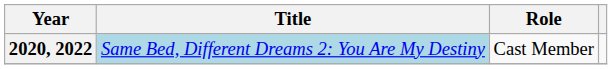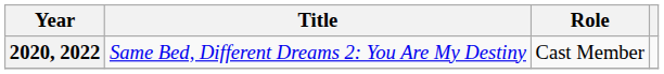 <table class="wikitable  plainrowheaders">
 <tr>
 <th scope="col">Year</th>
 <th scope="col">Title</th>
 <th scope="col">Role</th>
 <th scope="col" class="unsortable"></th>
 </tr>
 <tr>
 <th scope="row">2020, 2022</th>
-<td style="background: lightblue;"><em><a href='#'>Same Bed, Different Dreams 2: You Are My Destiny</a></em></td>
+<td><em><a href='#'>Same Bed, Different Dreams 2: You Are My Destiny</a></em></td>
 <td>Cast Member</td>
 <td></td>
 </tr>
 <tr>
 </tr>
 </table>
